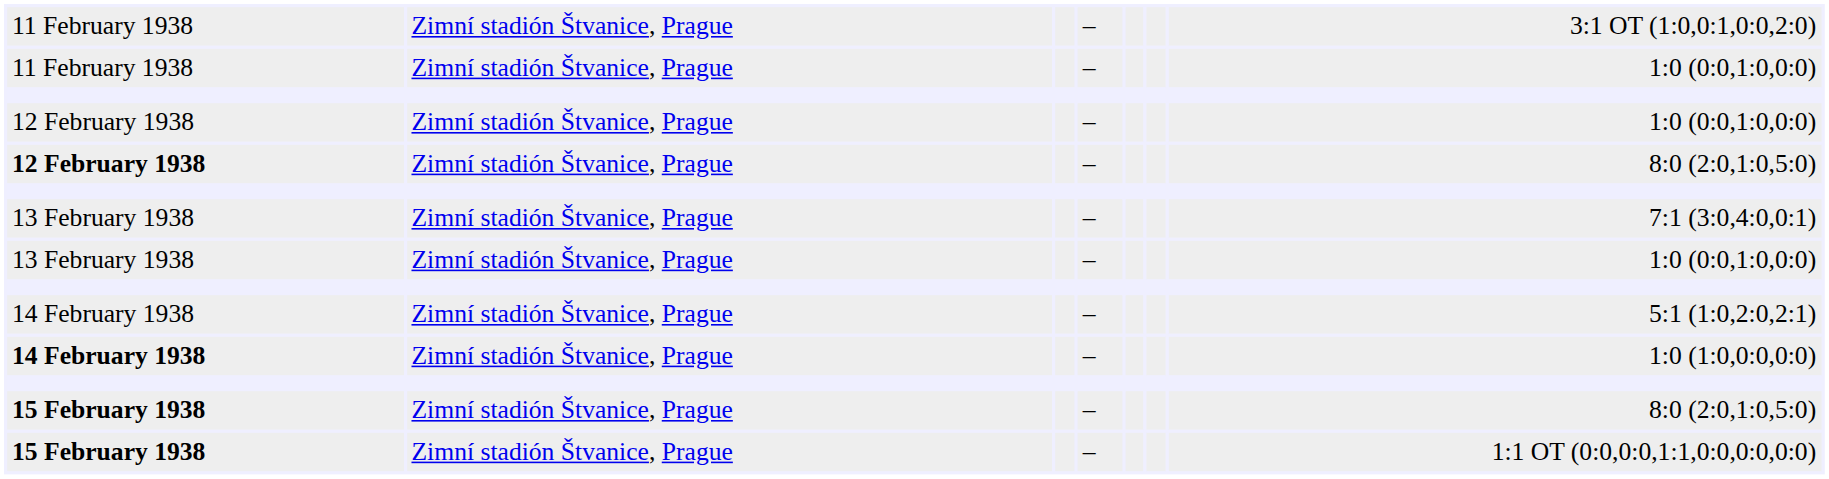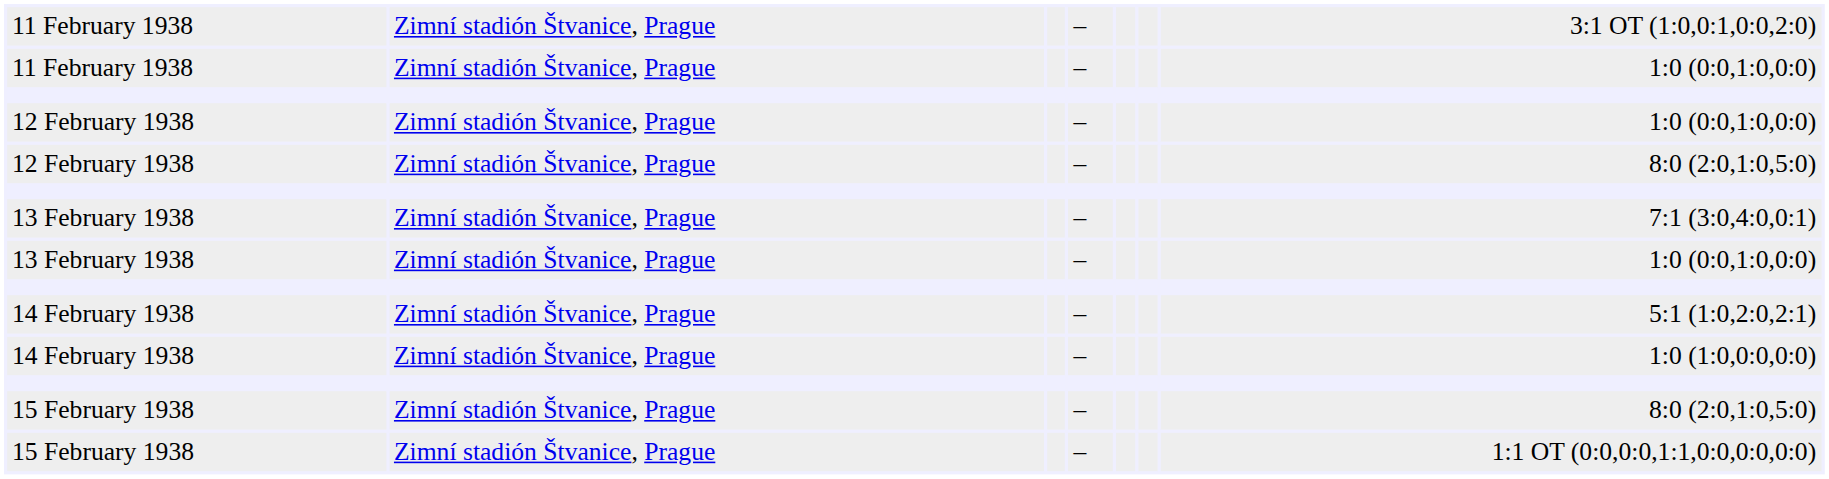 <table cellspacing="2" border="0" cellpadding="3" bgcolor="#EFEFFF" width="90%">
 <tr>
 <td bgcolor="#EEEEEE">11 February 1938</td>
 <td bgcolor="#EEEEEE"><a href='#'>Zimní stadión Štvanice</a>, <a href='#'>Prague</a></td>
 <td bgcolor="#EEEEEE"><strong></strong></td>
 <td bgcolor="#EEEEEE">–</td>
 <td bgcolor="#EEEEEE"></td>
 <td bgcolor="#EEEEEE"></td>
 <td bgcolor="#EEEEEE" align="right">3:1 OT (1:0,0:1,0:0,2:0)</td>
 </tr>
 <tr>
 <td bgcolor="#EEEEEE">11 February 1938</td>
 <td bgcolor="#EEEEEE"><a href='#'>Zimní stadión Štvanice</a>, <a href='#'>Prague</a></td>
 <td bgcolor="#EEEEEE"><strong></strong></td>
 <td bgcolor="#EEEEEE">–</td>
 <td bgcolor="#EEEEEE"></td>
 <td bgcolor="#EEEEEE"></td>
 <td bgcolor="#EEEEEE" align="right">1:0 (0:0,1:0,0:0)</td>
 </tr>
 <tr>
 <td></td>
 </tr>
 <tr>
 <td bgcolor="#EEEEEE">12 February 1938</td>
 <td bgcolor="#EEEEEE"><a href='#'>Zimní stadión Štvanice</a>, <a href='#'>Prague</a></td>
 <td bgcolor="#EEEEEE"><strong></strong></td>
 <td bgcolor="#EEEEEE">–</td>
 <td bgcolor="#EEEEEE"></td>
 <td bgcolor="#EEEEEE"></td>
 <td bgcolor="#EEEEEE" align="right">1:0 (0:0,1:0,0:0)</td>
 </tr>
 <tr>
-<td bgcolor="#EEEEEE"><strong>12 February 1938</strong></td>
+<td bgcolor="#EEEEEE">12 February 1938</td>
 <td bgcolor="#EEEEEE"><a href='#'>Zimní stadión Štvanice</a>, <a href='#'>Prague</a></td>
 <td bgcolor="#EEEEEE"><strong></strong></td>
 <td bgcolor="#EEEEEE">–</td>
 <td bgcolor="#EEEEEE"></td>
 <td bgcolor="#EEEEEE"></td>
 <td bgcolor="#EEEEEE" align="right">8:0 (2:0,1:0,5:0)</td>
 </tr>
 <tr>
 <td></td>
 </tr>
 <tr>
 <td bgcolor="#EEEEEE">13 February 1938</td>
 <td bgcolor="#EEEEEE"><a href='#'>Zimní stadión Štvanice</a>, <a href='#'>Prague</a></td>
 <td bgcolor="#EEEEEE"><strong></strong></td>
 <td bgcolor="#EEEEEE">–</td>
 <td bgcolor="#EEEEEE"></td>
 <td bgcolor="#EEEEEE"></td>
 <td bgcolor="#EEEEEE" align="right">7:1 (3:0,4:0,0:1)</td>
 </tr>
 <tr>
 <td bgcolor="#EEEEEE">13 February 1938</td>
 <td bgcolor="#EEEEEE"><a href='#'>Zimní stadión Štvanice</a>, <a href='#'>Prague</a></td>
 <td bgcolor="#EEEEEE"><strong></strong></td>
 <td bgcolor="#EEEEEE">–</td>
 <td bgcolor="#EEEEEE"></td>
 <td bgcolor="#EEEEEE"></td>
 <td bgcolor="#EEEEEE" align="right">1:0 (0:0,1:0,0:0)</td>
 </tr>
 <tr>
 <td></td>
 </tr>
 <tr>
 <td bgcolor="#EEEEEE">14 February 1938</td>
 <td bgcolor="#EEEEEE"><a href='#'>Zimní stadión Štvanice</a>, <a href='#'>Prague</a></td>
 <td bgcolor="#EEEEEE"><strong></strong></td>
 <td bgcolor="#EEEEEE">–</td>
 <td bgcolor="#EEEEEE"></td>
 <td bgcolor="#EEEEEE"></td>
 <td bgcolor="#EEEEEE" align="right">5:1 (1:0,2:0,2:1)</td>
 </tr>
 <tr>
-<td bgcolor="#EEEEEE"><strong>14 February 1938</strong></td>
+<td bgcolor="#EEEEEE">14 February 1938</td>
 <td bgcolor="#EEEEEE"><a href='#'>Zimní stadión Štvanice</a>, <a href='#'>Prague</a></td>
 <td bgcolor="#EEEEEE"><strong></strong></td>
 <td bgcolor="#EEEEEE">–</td>
 <td bgcolor="#EEEEEE"></td>
 <td bgcolor="#EEEEEE"></td>
 <td bgcolor="#EEEEEE" align="right">1:0 (1:0,0:0,0:0)</td>
 </tr>
 <tr>
 <td></td>
 </tr>
 <tr>
-<td bgcolor="#EEEEEE"><strong>15 February 1938</strong></td>
+<td bgcolor="#EEEEEE">15 February 1938</td>
 <td bgcolor="#EEEEEE"><a href='#'>Zimní stadión Štvanice</a>, <a href='#'>Prague</a></td>
 <td bgcolor="#EEEEEE"><strong></strong></td>
 <td bgcolor="#EEEEEE">–</td>
 <td bgcolor="#EEEEEE"></td>
 <td bgcolor="#EEEEEE"></td>
 <td bgcolor="#EEEEEE" align="right">8:0 (2:0,1:0,5:0)</td>
 </tr>
 <tr>
-<td bgcolor="#EEEEEE"><strong>15 February 1938</strong></td>
+<td bgcolor="#EEEEEE">15 February 1938</td>
 <td bgcolor="#EEEEEE"><a href='#'>Zimní stadión Štvanice</a>, <a href='#'>Prague</a></td>
 <td bgcolor="#EEEEEE"></td>
 <td bgcolor="#EEEEEE">–</td>
 <td bgcolor="#EEEEEE"></td>
 <td bgcolor="#EEEEEE"></td>
 <td bgcolor="#EEEEEE" align="right">1:1 OT (0:0,0:0,1:1,0:0,0:0,0:0)</td>
 </tr>
 </table>
